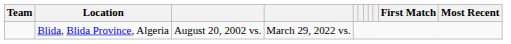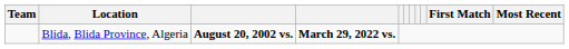 <table class="wikitable" style="text-align:center">
 <tr>
 <th>Team</th>
 <th>Location</th>
 <th></th>
 <th></th>
 <th></th>
 <th></th>
 <th></th>
 <th></th>
 <th></th>
 <th>First Match</th>
 <th>Most Recent</th>
 </tr>
 <tr>
 <td align="left"></td>
 <td><a href='#'>Blida</a>, <a href='#'>Blida Province</a>, Algeria<br></td>
-<td>August 20, 2002 vs. </td>
-<td>March 29, 2022 vs. </td>
+<td><strong>August 20, 2002 vs. </strong></td>
+<td><strong>March 29, 2022 vs. </strong></td>
 </tr>
 </table>
